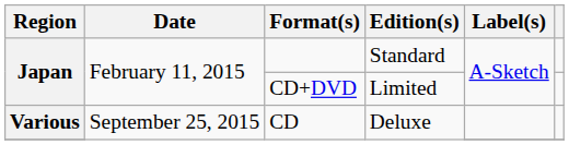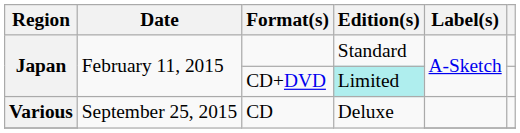 <table class="wikitable plainrowheaders">
 <tr>
 <th scope="col">Region</th>
 <th scope="col">Date</th>
 <th scope="col">Format(s)</th>
 <th scope="col">Edition(s)</th>
 <th scope="col">Label(s)</th>
 <th scope="col"></th>
 </tr>
 <tr>
 <th scope="row" rowspan="2">Japan</th>
 <td rowspan="2">February 11, 2015</td>
 <td rowspan="1"></td>
 <td rowspan="1">Standard</td>
 <td rowspan="2"><a href='#'>A-Sketch</a></td>
 <td align="center"></td>
 </tr>
 <tr>
 <td rowspan="1">CD+<a href='#'>DVD</a></td>
-<td rowspan="1">Limited</td>
+<td rowspan="1" style="background: paleturquoise;">Limited</td>
 <td align="center"></td>
 </tr>
 <tr>
 <th scope="row">Various</th>
 <td rowspan="2">September 25, 2015</td>
 <td rowspan="2">CD</td>
 <td rowspan="2">Deluxe</td>
 <td rowspan="1"></td>
 <td align="center"></td>
 </tr>
 <tr>
 </tr>
 </table>
